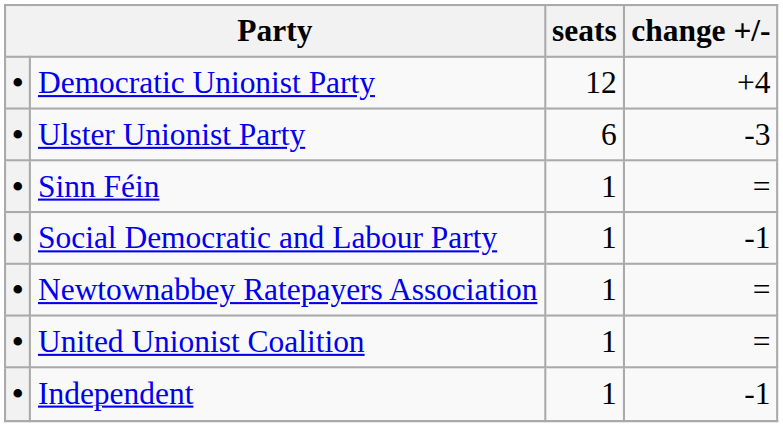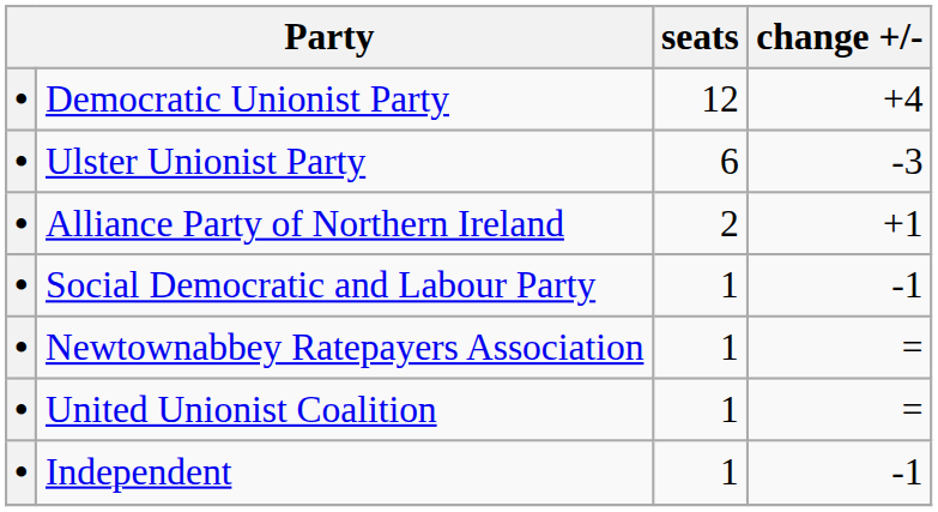 <table class="wikitable" style="font-size: 95%;">
 <tr>
 <th colspan=2>Party</th>
 <th>seats</th>
 <th>change +/-</th>
 </tr>
 <tr>
 <th style="background-color: "><span>•</span></th>
 <td><a href='#'>Democratic Unionist Party</a></td>
 <td align="right">12</td>
 <td align="right">+4</td>
 </tr>
 <tr>
 <th style="background-color: "><span>•</span></th>
 <td><a href='#'>Ulster Unionist Party</a></td>
 <td align="right">6</td>
 <td align="right">-3</td>
 </tr>
 <tr>
 <th style="background-color: "><span>•</span></th>
-<td><a href='#'>Sinn Féin</a></td>
-<td align="right">1</td>
-<td align="right">=</td>
+<td><a href='#'>Alliance Party of Northern Ireland</a></td>
+<td align="right">2</td>
+<td align="right">+1</td>
 </tr>
 <tr>
 <th style="background-color: "><span>•</span></th>
 <td><a href='#'>Social Democratic and Labour Party</a></td>
 <td align="right">1</td>
 <td align="right">-1</td>
 </tr>
 <tr>
 <th><span>•</span></th>
 <td><a href='#'>Newtownabbey Ratepayers Association</a></td>
 <td align="right">1</td>
 <td align="right">=</td>
 </tr>
 <tr>
 <th style="background-color: "><span>•</span></th>
 <td><a href='#'>United Unionist Coalition</a></td>
 <td align="right">1</td>
 <td align="right">=</td>
 </tr>
 <tr>
 <th style="background-color: "><span>•</span></th>
 <td><a href='#'>Independent</a></td>
 <td align="right">1</td>
 <td align="right">-1</td>
 </tr>
 <tr>
 </tr>
 </table>
